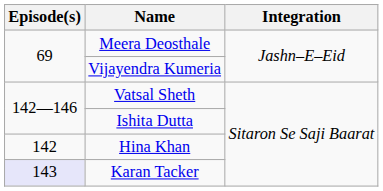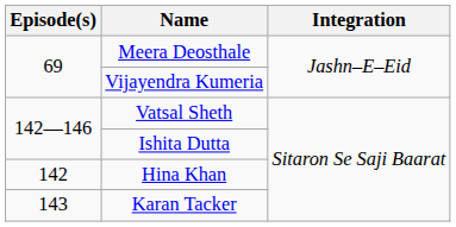 <table class="wikitable" style="text-align:center;">
 <tr>
 <th>Episode(s)</th>
 <th>Name</th>
 <th>Integration</th>
 </tr>
 <tr>
 <td rowspan=2>69</td>
 <td><a href='#'>Meera Deosthale</a></td>
 <td rowspan=2><em>Jashn–E–Eid</em></td>
 </tr>
 <tr>
 <td><a href='#'>Vijayendra Kumeria</a></td>
 </tr>
 <tr>
 <td rowspan=2>142—146</td>
 <td><a href='#'>Vatsal Sheth</a></td>
 <td rowspan=4><em>Sitaron Se Saji Baarat</em></td>
 </tr>
 <tr>
 <td><a href='#'>Ishita Dutta</a></td>
 </tr>
 <tr>
 <td>142</td>
 <td><a href='#'>Hina Khan</a></td>
 </tr>
 <tr>
-<td style="background: lavender;">143</td>
+<td>143</td>
 <td><a href='#'>Karan Tacker</a></td>
 </tr>
 </table>
